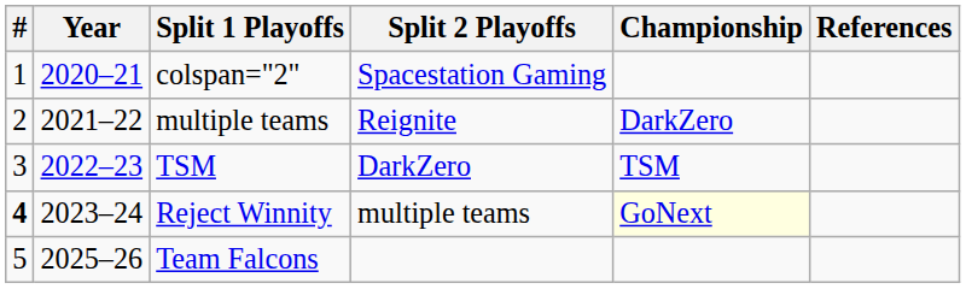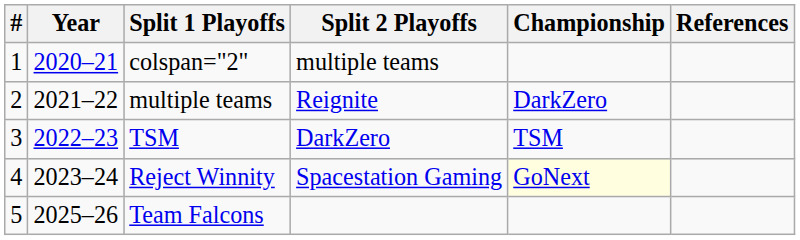 <table class="wikitable sortable sticky-header">
 <tr>
 <th>#</th>
 <th>Year</th>
 <th>Split 1 Playoffs</th>
 <th>Split 2 Playoffs</th>
 <th>Championship</th>
 <th class="unsortable">References</th>
 </tr>
 <tr>
 <td>1</td>
 <td><a href='#'>2020–21</a></td>
 <td>colspan="2" </td>
-<td><a href='#'>Spacestation Gaming</a></td>
+<td>multiple teams</td>
 <td></td>
 </tr>
 <tr>
 <td>2</td>
 <td>2021–22</td>
 <td>multiple teams</td>
 <td><a href='#'>Reignite</a></td>
 <td><a href='#'>DarkZero</a></td>
 <td></td>
 </tr>
 <tr>
 <td>3</td>
 <td><a href='#'>2022–23</a></td>
 <td><a href='#'>TSM</a></td>
 <td><a href='#'>DarkZero</a></td>
 <td><a href='#'>TSM</a></td>
 <td></td>
 </tr>
 <tr>
-<td><strong>4</strong></td>
+<td>4</td>
 <td>2023–24</td>
 <td><a href='#'>Reject Winnity</a></td>
-<td>multiple teams</td>
+<td><a href='#'>Spacestation Gaming</a></td>
 <td style="background: lightyellow;"><a href='#'>GoNext</a></td>
 <td></td>
 </tr>
 <tr>
 <td>5</td>
 <td>2025–26</td>
 <td><a href='#'>Team Falcons</a></td>
 <td></td>
 <td></td>
 <td></td>
 </tr>
 </table>
